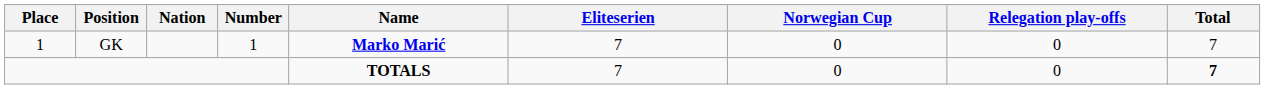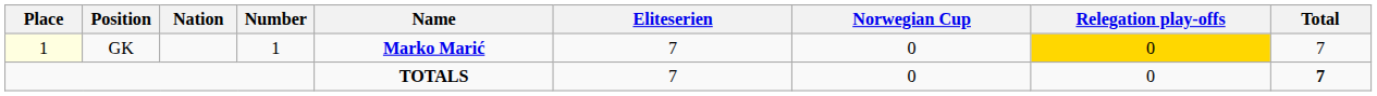 <table class="wikitable" style="font-size: 95%; text-align: center;">
 <tr>
 <th width=60>Place</th>
 <th width=60>Position</th>
 <th width=60>Nation</th>
 <th width=60>Number</th>
 <th width=200>Name</th>
 <th width=200><a href='#'>Eliteserien</a></th>
 <th width=200><a href='#'>Norwegian Cup</a></th>
 <th width=200><a href='#'>Relegation play-offs</a></th>
 <th width=80><strong>Total</strong></th>
 </tr>
 <tr>
-<td>1</td>
+<td style="background: lightyellow;">1</td>
 <td>GK</td>
 <td></td>
 <td>1</td>
 <td><strong><a href='#'>Marko Marić</a></strong></td>
 <td>7</td>
 <td>0</td>
-<td>0</td>
+<td style="background: gold;">0</td>
 <td>7</td>
 </tr>
 <tr>
 <td colspan="4"></td>
 <td><strong>TOTALS</strong></td>
 <td>7</td>
 <td>0</td>
 <td>0</td>
 <td><strong>7</strong></td>
 </tr>
 </table>
